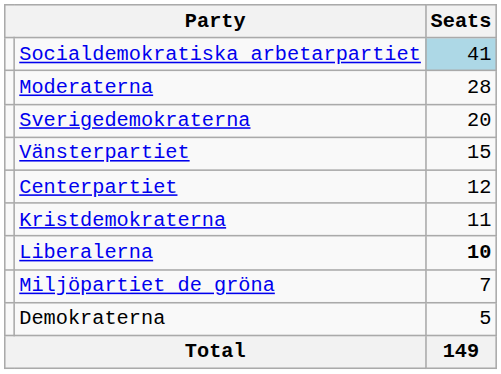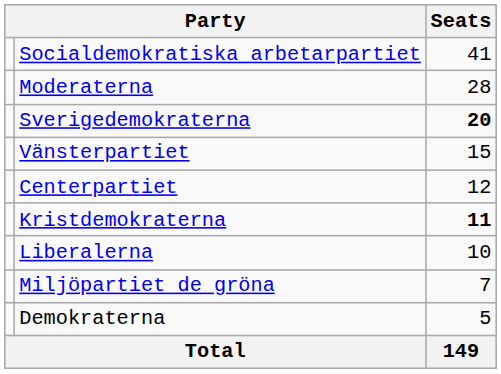 <table class="wikitable">
 <tr>
 <th colspan=2>Party</th>
 <th>Seats</th>
 </tr>
 <tr>
 <td bgcolor=></td>
 <td><a href='#'>Socialdemokratiska arbetarpartiet</a></td>
-<td align=right style="background: lightblue;">41</td>
+<td align=right>41</td>
 </tr>
 <tr>
 <td bgcolor=></td>
 <td><a href='#'>Moderaterna</a></td>
 <td align=right>28</td>
 </tr>
 <tr>
 <td bgcolor=></td>
 <td><a href='#'>Sverigedemokraterna</a></td>
-<td align=right>20</td>
+<td align=right><strong>20</strong></td>
 </tr>
 <tr>
 <td bgcolor=></td>
 <td><a href='#'>Vänsterpartiet</a></td>
 <td align=right>15</td>
 </tr>
 <tr>
 <td bgcolor=></td>
 <td><a href='#'>Centerpartiet</a></td>
 <td align=right>12</td>
 </tr>
 <tr>
 <td bgcolor=></td>
 <td><a href='#'>Kristdemokraterna</a></td>
-<td align=right>11</td>
+<td align=right><strong>11</strong></td>
 </tr>
 <tr>
 <td bgcolor=></td>
 <td><a href='#'>Liberalerna</a></td>
-<td align=right><strong>10</strong></td>
+<td align=right>10</td>
 </tr>
 <tr>
 <td bgcolor=></td>
 <td><a href='#'>Miljöpartiet de gröna</a></td>
 <td align=right>7</td>
 </tr>
 <tr>
 <td></td>
 <td>Demokraterna</td>
 <td align=right>5</td>
 </tr>
 <tr>
 <th colspan=2>Total</th>
 <th align=right>149</th>
 </tr>
 </table>
